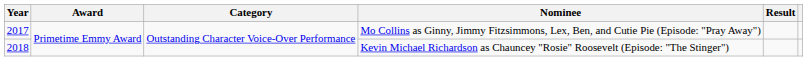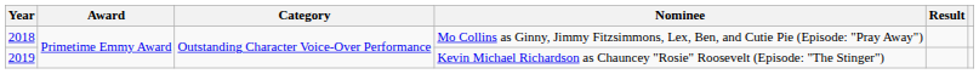 <table class="wikitable">
 <tr>
 <th>Year</th>
 <th>Award</th>
 <th>Category</th>
 <th>Nominee</th>
 <th>Result</th>
 <th></th>
 </tr>
 <tr>
-<td style="text-align:center;"><a href='#'>2017</a></td>
+<td style="text-align:center;"><a href='#'>2018</a></td>
 <td rowspan=2><a href='#'>Primetime Emmy Award</a></td>
 <td rowspan=2><a href='#'>Outstanding Character Voice-Over Performance</a></td>
 <td><a href='#'>Mo Collins</a> as Ginny, Jimmy Fitzsimmons, Lex, Ben, and Cutie Pie (Episode: "Pray Away")</td>
 <td></td>
 <td style="text-align:center;"></td>
 </tr>
 <tr>
-<td style="text-align:center;"><a href='#'>2018</a></td>
+<td style="text-align:center;"><a href='#'>2019</a></td>
 <td><a href='#'>Kevin Michael Richardson</a> as Chauncey "Rosie" Roosevelt (Episode: "The Stinger")</td>
 <td></td>
 <td style="text-align:center;"></td>
 </tr>
 </table>
